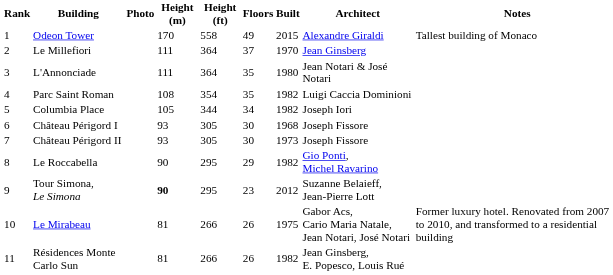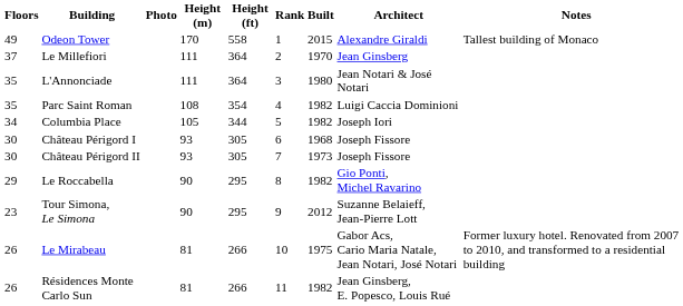 <table class>
 <tr>
-<th>Rank</th>
+<th>Floors</th>
 <th>Building</th>
 <th>Photo</th>
 <th>Height (m)</th>
 <th>Height (ft)</th>
-<th>Floors</th>
+<th>Rank</th>
 <th>Built</th>
 <th>Architect</th>
 <th>Notes</th>
 </tr>
 <tr>
-<td>1</td>
+<td>49</td>
 <td><a href='#'>Odeon Tower</a></td>
 <td></td>
 <td>170</td>
 <td>558</td>
-<td>49</td>
+<td>1</td>
 <td>2015</td>
 <td><a href='#'>Alexandre Giraldi</a></td>
 <td>Tallest building of Monaco</td>
 </tr>
 <tr>
-<td>2</td>
+<td>37</td>
 <td>Le Millefiori</td>
 <td></td>
 <td>111</td>
 <td>364</td>
-<td>37</td>
+<td>2</td>
 <td>1970</td>
 <td><a href='#'>Jean Ginsberg</a></td>
 <td></td>
 </tr>
 <tr>
-<td>3</td>
+<td>35</td>
 <td>L'Annonciade</td>
 <td></td>
 <td>111</td>
 <td>364</td>
-<td>35</td>
+<td>3</td>
 <td>1980</td>
 <td>Jean Notari & José Notari</td>
 <td></td>
 </tr>
 <tr>
-<td>4</td>
+<td>35</td>
 <td>Parc Saint Roman</td>
 <td></td>
 <td>108</td>
 <td>354</td>
-<td>35</td>
+<td>4</td>
 <td>1982</td>
 <td>Luigi Caccia Dominioni</td>
 <td></td>
 </tr>
 <tr>
-<td>5</td>
+<td>34</td>
 <td>Columbia Place</td>
 <td></td>
 <td>105</td>
 <td>344</td>
-<td>34</td>
+<td>5</td>
 <td>1982</td>
 <td>Joseph Iori</td>
 <td></td>
 </tr>
 <tr>
-<td>6</td>
+<td>30</td>
 <td>Château Périgord I</td>
 <td></td>
 <td>93</td>
 <td>305</td>
-<td>30</td>
+<td>6</td>
 <td>1968</td>
 <td>Joseph Fissore</td>
 <td></td>
 </tr>
 <tr>
-<td>7</td>
+<td>30</td>
 <td>Château Périgord II</td>
 <td></td>
 <td>93</td>
 <td>305</td>
-<td>30</td>
+<td>7</td>
 <td>1973</td>
 <td>Joseph Fissore</td>
 <td></td>
 </tr>
 <tr>
-<td>8</td>
+<td>29</td>
 <td>Le Roccabella</td>
 <td></td>
 <td>90</td>
 <td>295</td>
-<td>29</td>
+<td>8</td>
 <td>1982</td>
 <td><a href='#'>Gio Ponti</a>,<br><a href='#'>Michel Ravarino</a></td>
 <td></td>
 </tr>
 <tr>
-<td>9</td>
+<td>23</td>
 <td>Tour Simona,<br><em>Le Simona</em></td>
 <td></td>
-<td><strong>90</strong></td>
+<td>90</td>
 <td>295</td>
-<td>23</td>
+<td>9</td>
 <td>2012</td>
 <td>Suzanne Belaieff,<br>Jean-Pierre Lott</td>
 <td></td>
 </tr>
 <tr>
-<td>10</td>
+<td>26</td>
 <td><a href='#'>Le Mirabeau</a></td>
 <td></td>
 <td>81</td>
 <td>266</td>
-<td>26</td>
+<td>10</td>
 <td>1975</td>
 <td>Gabor Acs,<br>Cario Maria Natale, Jean Notari, José Notari</td>
 <td>Former luxury hotel. Renovated from 2007 to 2010, and transformed to a residential building</td>
 </tr>
 <tr>
-<td>11</td>
+<td>26</td>
 <td>Résidences Monte Carlo Sun</td>
 <td></td>
 <td>81</td>
 <td>266</td>
-<td>26</td>
+<td>11</td>
 <td>1982</td>
 <td>Jean Ginsberg,<br>E. Popesco, Louis Rué</td>
 <td></td>
 </tr>
 </table>
